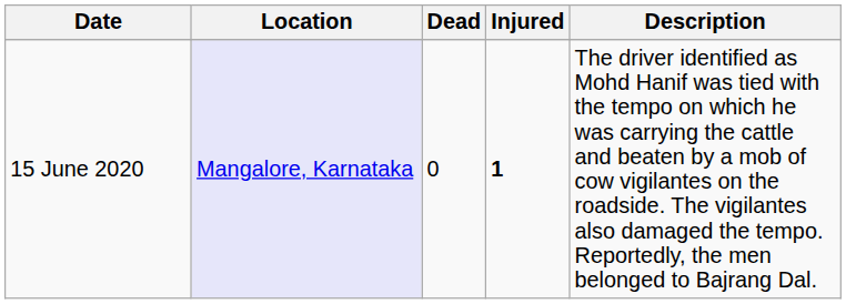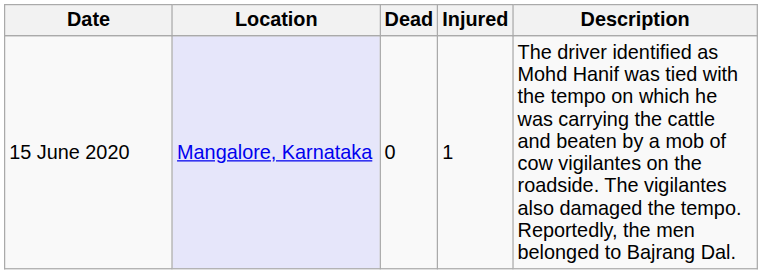 <table class="wikitable sortable">
 <tr>
 <th scope="col" style="width: 8rem;">Date</th>
 <th scope="col" style="width: 10rem;">Location</th>
 <th data-sort-type="number">Dead</th>
 <th data-sort-type="number">Injured</th>
 <th class="unsortable">Description</th>
 </tr>
 <tr>
 </tr>
 <tr>
 <td>15 June 2020</td>
 <td style="background: lavender;"><a href='#'>Mangalore, Karnataka</a></td>
 <td>0</td>
-<td><strong>1</strong></td>
+<td>1</td>
 <td>The driver identified as Mohd Hanif was tied with the tempo on which he was carrying the cattle and beaten by a mob of cow vigilantes on the roadside. The vigilantes also damaged the tempo. Reportedly, the men belonged to Bajrang Dal.</td>
 </tr>
 </table>
